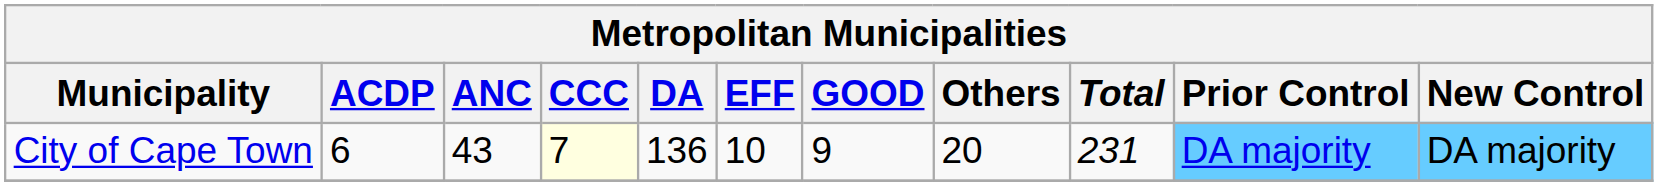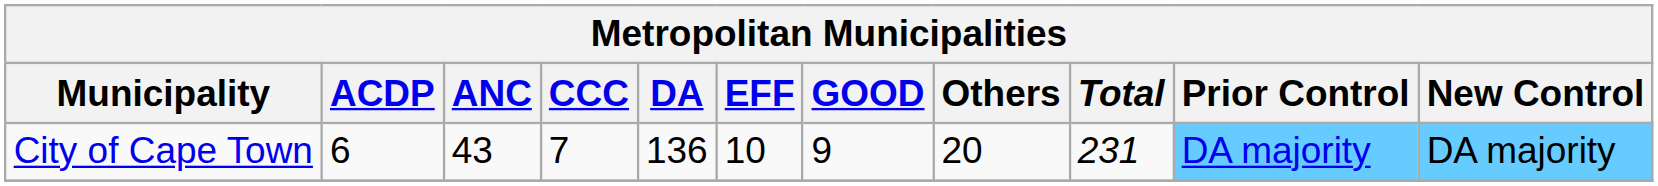 <table class="wikitable">
 <tr>
 <th colspan="11">Metropolitan Municipalities</th>
 </tr>
 <tr>
 <th>Municipality</th>
 <th><a href='#'>ACDP</a></th>
 <th><a href='#'>ANC</a></th>
 <th><a href='#'>CCC</a></th>
 <th><a href='#'>DA</a></th>
 <th><a href='#'>EFF</a></th>
 <th><a href='#'>GOOD</a></th>
 <th>Others</th>
 <th><em>Total</em></th>
 <th>Prior Control</th>
 <th>New Control</th>
 </tr>
 <tr>
 <td><a href='#'>City of Cape Town</a></td>
 <td>6</td>
 <td>43</td>
-<td style="background: lightyellow;">7</td>
+<td>7</td>
 <td>136</td>
 <td>10</td>
 <td>9</td>
 <td>20</td>
 <td><em>231</em></td>
 <td style="background:#6cf;"><a href='#'>DA majority</a></td>
 <td style="background:#6cf;">DA majority</td>
 </tr>
 <tr>
 </tr>
 </table>
